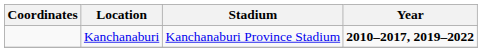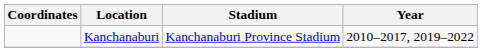 <table class="wikitable sortable">
 <tr>
 <th>Coordinates</th>
 <th>Location</th>
 <th>Stadium</th>
 <th>Year</th>
 </tr>
 <tr>
 <td></td>
 <td><a href='#'>Kanchanaburi</a></td>
 <td><a href='#'>Kanchanaburi Province Stadium</a></td>
-<td><strong>2010–2017, 2019–2022</strong></td>
+<td>2010–2017, 2019–2022</td>
 </tr>
 <tr>
 </tr>
 </table>
